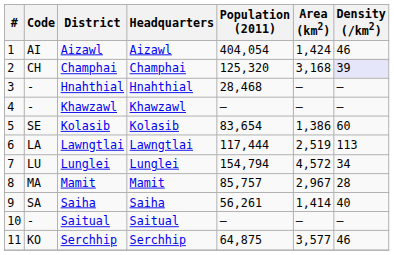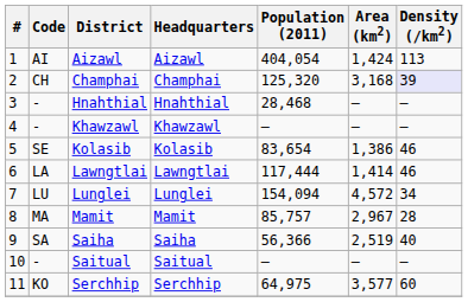 <table class="wikitable sortable">
 <tr>
 <th>#</th>
 <th>Code</th>
 <th>District</th>
 <th>Headquarters</th>
 <th>Population <br>(2011)</th>
 <th>Area <br>(km<sup>2</sup>)</th>
 <th>Density <br>(/km<sup>2</sup>)</th>
 </tr>
 <tr>
 <td>1</td>
 <td>AI</td>
 <td><a href='#'>Aizawl</a></td>
 <td><a href='#'>Aizawl</a></td>
 <td> 404,054</td>
 <td> 1,424</td>
-<td> 46</td>
+<td> 113</td>
 </tr>
 <tr>
 <td>2</td>
 <td>CH</td>
 <td><a href='#'>Champhai</a></td>
 <td><a href='#'>Champhai</a></td>
 <td> 125,320</td>
 <td> 3,168</td>
 <td style="background: lavender;"> 39</td>
 </tr>
 <tr>
 <td>3</td>
 <td>-</td>
 <td><a href='#'>Hnahthial</a></td>
 <td><a href='#'>Hnahthial</a></td>
 <td> 28,468</td>
 <td> –</td>
 <td> –</td>
 </tr>
 <tr>
 <td>4</td>
 <td>-</td>
 <td><a href='#'>Khawzawl</a></td>
 <td><a href='#'>Khawzawl</a></td>
 <td> –</td>
 <td> –</td>
 <td> –</td>
 </tr>
 <tr>
 <td>5</td>
 <td>SE</td>
 <td><a href='#'>Kolasib</a></td>
 <td><a href='#'>Kolasib</a></td>
 <td> 83,654</td>
 <td> 1,386</td>
-<td> 60</td>
+<td> 46</td>
 </tr>
 <tr>
 <td>6</td>
 <td>LA</td>
 <td><a href='#'>Lawngtlai</a></td>
 <td><a href='#'>Lawngtlai</a></td>
 <td> 117,444</td>
-<td> 2,519</td>
-<td> 113</td>
+<td> 1,414</td>
+<td> 46</td>
 </tr>
 <tr>
 <td>7</td>
 <td>LU</td>
 <td><a href='#'>Lunglei</a></td>
 <td><a href='#'>Lunglei</a></td>
-<td> 154,794</td>
+<td> 154,094</td>
 <td> 4,572</td>
 <td> 34</td>
 </tr>
 <tr>
 <td>8</td>
 <td>MA</td>
 <td><a href='#'>Mamit</a></td>
 <td><a href='#'>Mamit</a></td>
 <td> 85,757</td>
 <td> 2,967</td>
 <td> 28</td>
 </tr>
 <tr>
 <td>9</td>
 <td>SA</td>
 <td><a href='#'>Saiha</a></td>
 <td><a href='#'>Saiha</a></td>
-<td> 56,261</td>
-<td> 1,414</td>
+<td> 56,366</td>
+<td> 2,519</td>
 <td> 40</td>
 </tr>
 <tr>
 <td>10</td>
 <td>-</td>
 <td><a href='#'>Saitual</a></td>
 <td><a href='#'>Saitual</a></td>
 <td> –</td>
 <td> –</td>
 <td> –</td>
 </tr>
 <tr>
 <td>11</td>
 <td>KO</td>
 <td><a href='#'>Serchhip</a></td>
 <td><a href='#'>Serchhip</a></td>
-<td> 64,875</td>
+<td> 64,975</td>
 <td> 3,577</td>
-<td> 46</td>
+<td> 60</td>
 </tr>
 <tr>
 </tr>
 </table>
